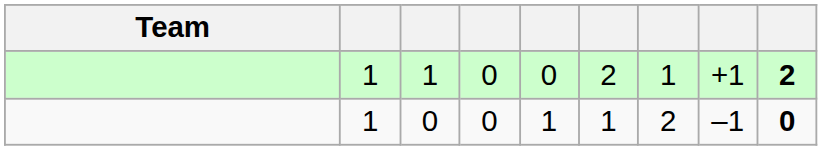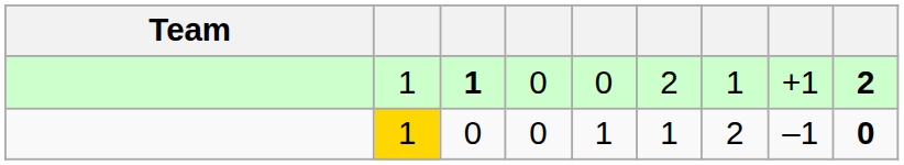 <table class="wikitable" style="text-align:center">
 <tr>
 <th width=175>Team</th>
 <th width=25></th>
 <th width=25></th>
 <th width=25></th>
 <th width=25></th>
 <th width=25></th>
 <th width=25></th>
 <th width=25></th>
 <th width=25></th>
 </tr>
 <tr align=center bgcolor=#ccffcc>
 <td align=left></td>
 <td>1</td>
-<td>1</td>
+<td><strong>1</strong></td>
 <td>0</td>
 <td>0</td>
 <td>2</td>
 <td>1</td>
 <td>+1</td>
 <td><strong>2</strong></td>
 </tr>
 <tr>
 <td align=left></td>
-<td>1</td>
+<td style="background: gold;">1</td>
 <td>0</td>
 <td>0</td>
 <td>1</td>
 <td>1</td>
 <td>2</td>
 <td>–1</td>
 <td><strong>0</strong></td>
 </tr>
 </table>
